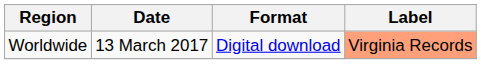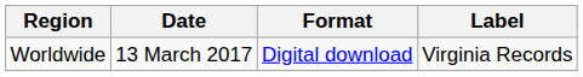 <table class=wikitable>
 <tr>
 <th>Region</th>
 <th>Date</th>
 <th>Format</th>
 <th>Label</th>
 </tr>
 <tr>
 <td>Worldwide</td>
 <td>13 March 2017</td>
 <td><a href='#'>Digital download</a></td>
-<td style="background: lightsalmon;">Virginia Records</td>
+<td>Virginia Records</td>
 </tr>
 <tr>
 </tr>
 </table>
